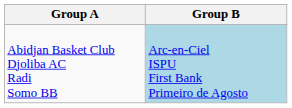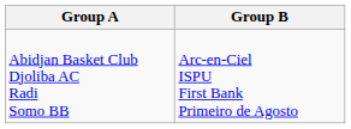 <table class="wikitable" width=40%>
 <tr>
 <th width=25%>Group A</th>
 <th width=25%>Group B</th>
 </tr>
 <tr>
 <td><br> <a href='#'>Abidjan Basket Club</a><br>  <a href='#'>Djoliba AC</a><br>  <a href='#'>Radi</a><br>  <a href='#'>Somo BB</a></td>
-<td style="background: lightblue;"><br> <a href='#'>Arc-en-Ciel</a><br>  <a href='#'>ISPU</a><br>  <a href='#'>First Bank</a><br>  <a href='#'>Primeiro de Agosto</a></td>
+<td><br> <a href='#'>Arc-en-Ciel</a><br>  <a href='#'>ISPU</a><br>  <a href='#'>First Bank</a><br>  <a href='#'>Primeiro de Agosto</a></td>
 </tr>
 </table>
